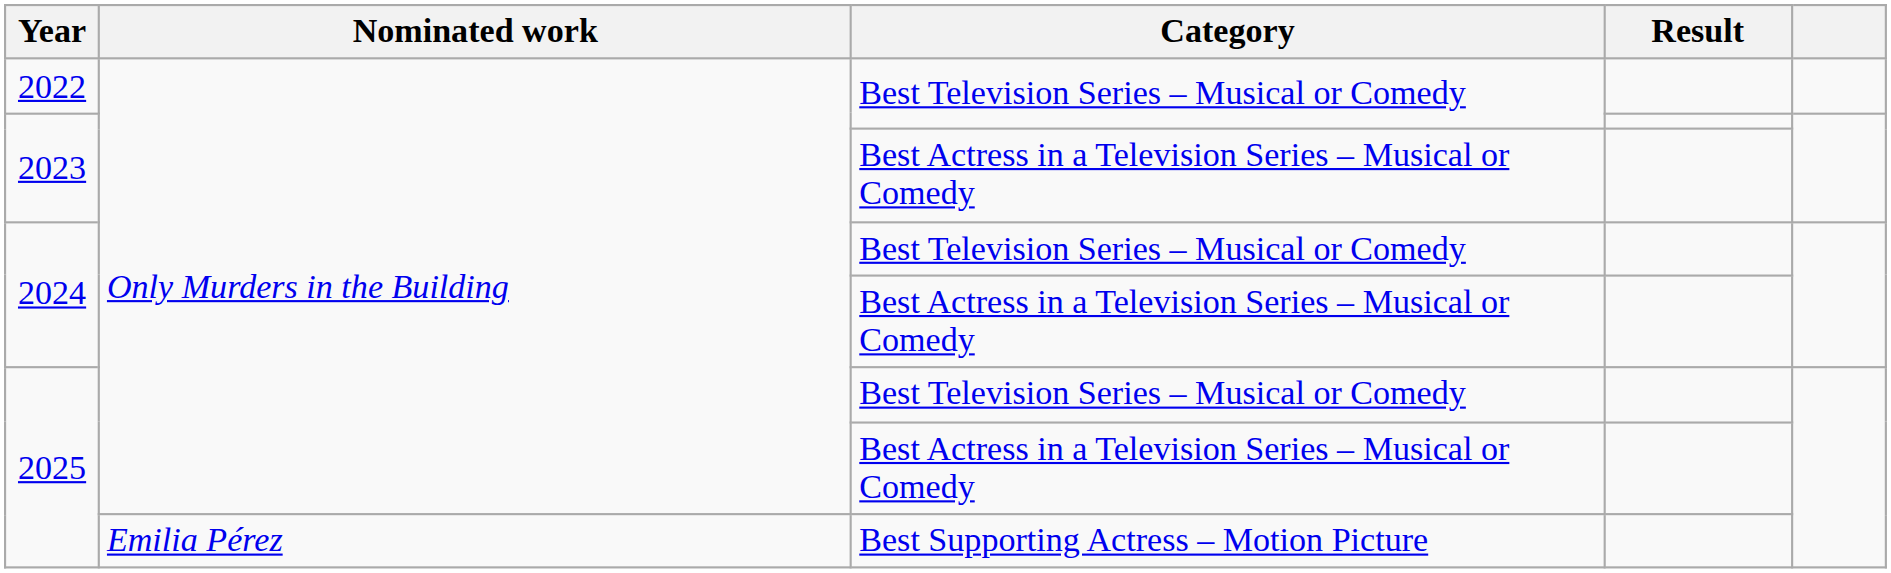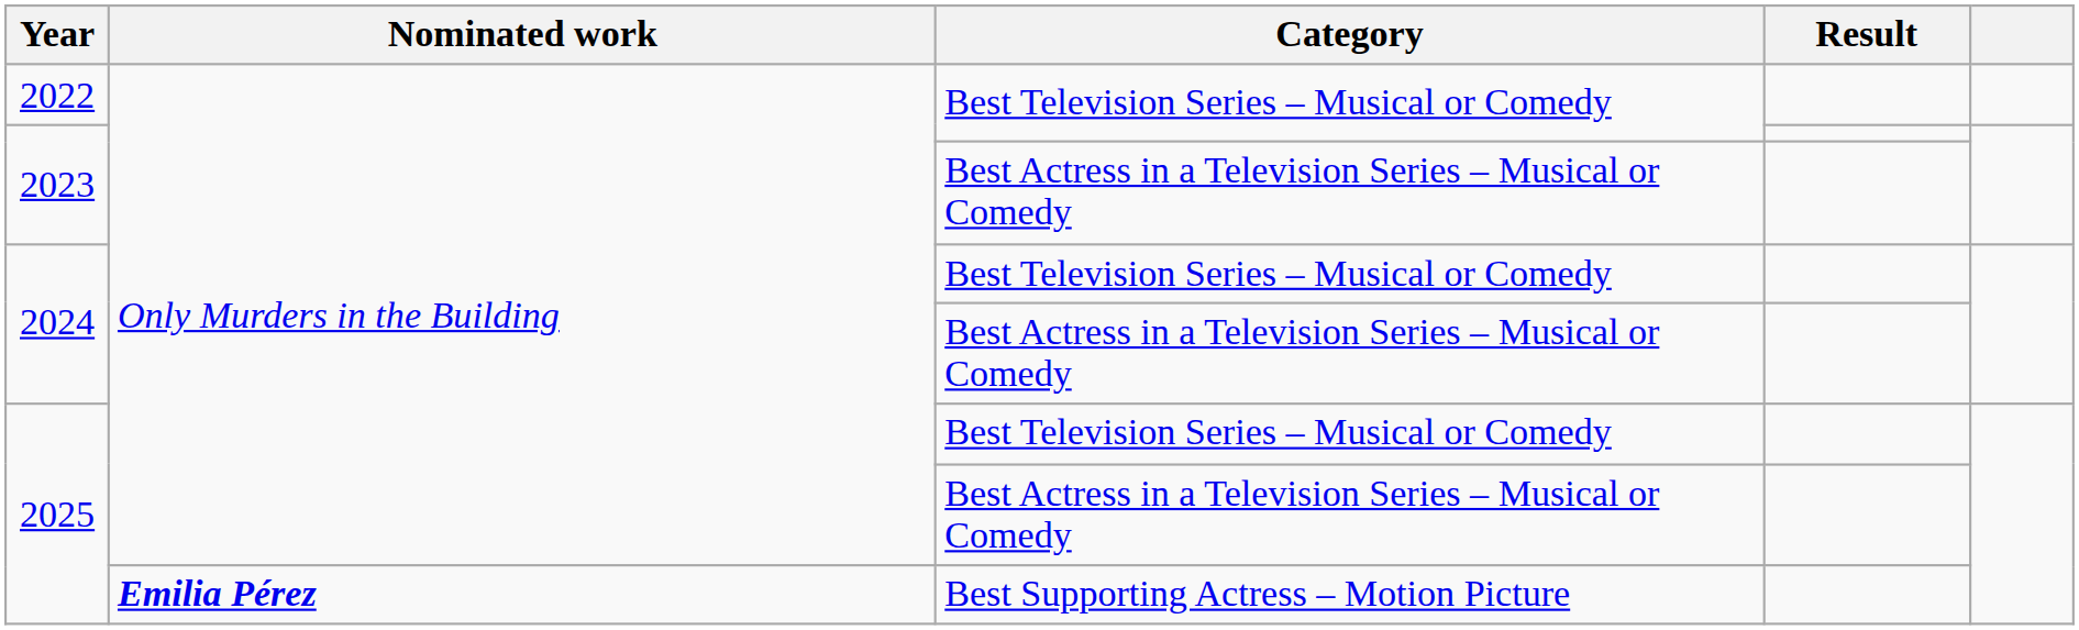 <table class="wikitable plainrowheaders" style="width:100%;">
 <tr>
 <th scope="col" style="width:5%;">Year</th>
 <th scope="col" style="width:40%;">Nominated work</th>
 <th scope="col" style="width:40%;">Category</th>
 <th scope="col" style="width:10%;">Result</th>
 <th scope="col" style="width:5%;"></th>
 </tr>
 <tr>
 <td style="text-align:center;"><a href='#'>2022</a></td>
 <td rowspan="7"><em><a href='#'>Only Murders in the Building</a></em></td>
 <td rowspan="2"><a href='#'>Best Television Series – Musical or Comedy</a></td>
 <td></td>
 <td style="text-align:center;"></td>
 </tr>
 <tr>
 <td style="text-align:center;" rowspan="2"><a href='#'>2023</a></td>
 <td></td>
 <td style="text-align:center;" rowspan="2"></td>
 </tr>
 <tr>
 <td><a href='#'>Best Actress in a Television Series – Musical or Comedy</a></td>
 <td></td>
 </tr>
 <tr>
 <td style="text-align:center;" rowspan="2"><a href='#'>2024</a></td>
 <td><a href='#'>Best Television Series – Musical or Comedy</a></td>
 <td></td>
 <td style="text-align:center;" rowspan="2"></td>
 </tr>
 <tr>
 <td><a href='#'>Best Actress in a Television Series – Musical or Comedy</a></td>
 <td></td>
 </tr>
 <tr>
 <td style="text-align:center;" rowspan="3"><a href='#'>2025</a></td>
 <td><a href='#'>Best Television Series – Musical or Comedy</a></td>
 <td></td>
 <td style="text-align:center;" rowspan="3"></td>
 </tr>
 <tr>
 <td><a href='#'>Best Actress in a Television Series – Musical or Comedy</a></td>
 <td></td>
 </tr>
 <tr>
-<td><em><a href='#'>Emilia Pérez</a></em></td>
+<td><strong><em><a href='#'>Emilia Pérez</a></em></strong></td>
 <td><a href='#'>Best Supporting Actress – Motion Picture</a></td>
 <td></td>
 </tr>
 </table>
